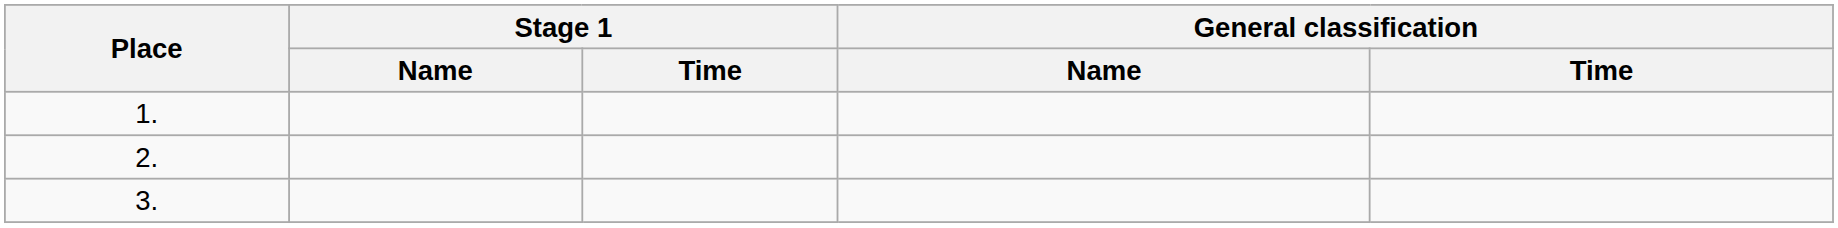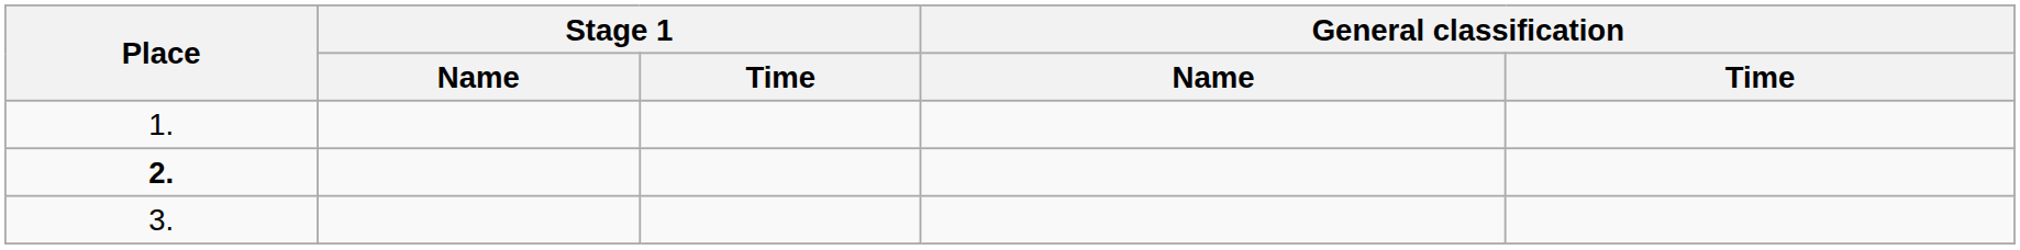 <table class=wikitable style="font-size:95%" width="80%">
 <tr>
 <th rowspan="2">Place</th>
 <th colspan="2">Stage 1</th>
 <th colspan="2">General classification</th>
 </tr>
 <tr>
 <th>Name</th>
 <th>Time</th>
 <th>Name</th>
 <th>Time</th>
 </tr>
 <tr>
 <td align="center">1.</td>
 <td></td>
 <td></td>
 <td></td>
 <td></td>
 </tr>
 <tr>
-<td align="center">2.</td>
+<td align="center"><strong>2.</strong></td>
 <td></td>
 <td></td>
 <td></td>
 <td></td>
 </tr>
 <tr>
 <td align="center">3.</td>
 <td></td>
 <td></td>
 <td></td>
 <td></td>
 </tr>
 </table>
